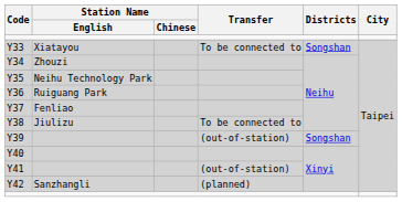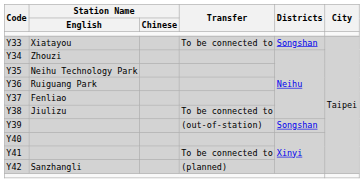 <table class="wikitable">
 <tr>
 <th rowspan="2">Code</th>
 <th colspan="2">Station Name</th>
 <th rowspan="2">Transfer</th>
 <th rowspan="2">Districts</th>
 <th rowspan="2"><strong>City</strong></th>
 </tr>
 <tr>
 <th>English</th>
 <th>Chinese</th>
 </tr>
 <tr>
 <td colspan = "5"></td>
 </tr>
 <tr bgcolor = "lightgrey">
 <td>Y33</td>
 <td>Xiatayou</td>
 <td></td>
 <td>To be connected to </td>
 <td><a href='#'>Songshan</a></td>
 <td rowspan="10">Taipei</td>
 </tr>
 <tr bgcolor = "lightgrey">
 <td>Y34</td>
 <td>Zhouzi</td>
 <td></td>
 <td></td>
 <td rowspan="5"><a href='#'>Neihu</a></td>
 </tr>
 <tr bgcolor = "lightgrey">
 <td>Y35</td>
 <td>Neihu Technology Park</td>
 <td></td>
 <td></td>
 </tr>
 <tr bgcolor = "lightgrey">
 <td>Y36</td>
 <td>Ruiguang Park</td>
 <td></td>
 <td></td>
 </tr>
 <tr bgcolor = "lightgrey">
 <td>Y37</td>
 <td>Fenliao</td>
 <td></td>
 <td></td>
 </tr>
 <tr bgcolor = "lightgrey">
 <td>Y38</td>
 <td>Jiulizu</td>
 <td></td>
 <td>To be connected to </td>
 </tr>
 <tr bgcolor = "lightgrey">
 <td>Y39</td>
 <td></td>
 <td></td>
 <td> (out-of-station) </td>
 <td><a href='#'>Songshan</a></td>
 </tr>
 <tr bgcolor="lightgrey">
 <td>Y40</td>
 <td></td>
 <td></td>
 <td></td>
 <td rowspan="3"><a href='#'>Xinyi</a></td>
 </tr>
 <tr bgcolor="lightgrey">
 <td>Y41</td>
 <td></td>
 <td></td>
-<td> (out-of-station)</td>
+<td>To be connected to </td>
 </tr>
 <tr bgcolor="lightgrey">
 <td>Y42</td>
 <td>Sanzhangli</td>
 <td></td>
 <td> (planned)</td>
 </tr>
 <tr>
 <td colspan = "5"></td>
 </tr>
 </table>
